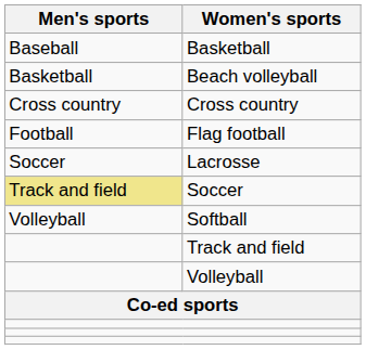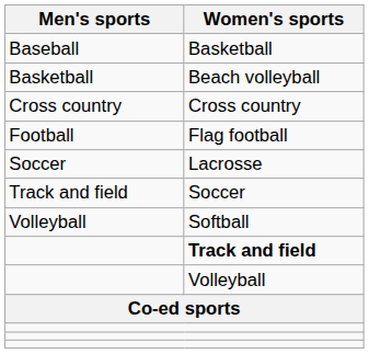 <table class="wikitable"; style= "text-align: ">
 <tr>
 <th width=150px>Men's sports</th>
 <th width=150px>Women's sports</th>
 </tr>
 <tr>
 <td>Baseball</td>
 <td>Basketball</td>
 </tr>
 <tr>
 <td>Basketball</td>
 <td>Beach volleyball</td>
 </tr>
 <tr>
 <td>Cross country</td>
 <td>Cross country</td>
 </tr>
 <tr>
 <td>Football</td>
 <td>Flag football</td>
 </tr>
 <tr>
 <td>Soccer</td>
 <td>Lacrosse</td>
 </tr>
 <tr>
-<td style="background: khaki;">Track and field</td>
+<td>Track and field</td>
 <td>Soccer</td>
 </tr>
 <tr>
 <td>Volleyball</td>
 <td>Softball</td>
 </tr>
 <tr>
 <td></td>
-<td>Track and field</td>
+<td><strong>Track and field</strong></td>
 </tr>
 <tr>
 <td></td>
 <td>Volleyball</td>
 </tr>
 <tr>
 <th colspan=2>Co-ed sports</th>
 </tr>
 <tr>
 <td colspan=2></td>
 </tr>
 <tr>
 <td colspan=2></td>
 </tr>
 <tr>
 <td colspan=2></td>
 </tr>
 </table>
